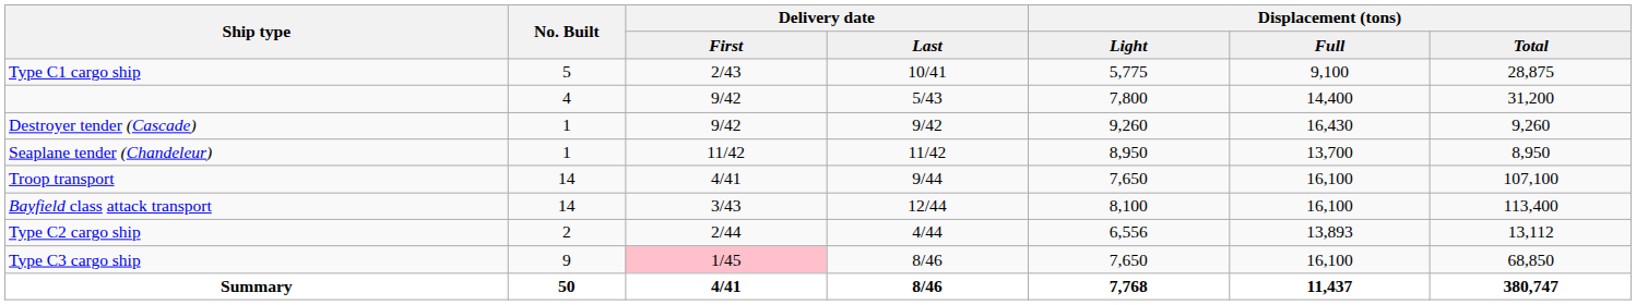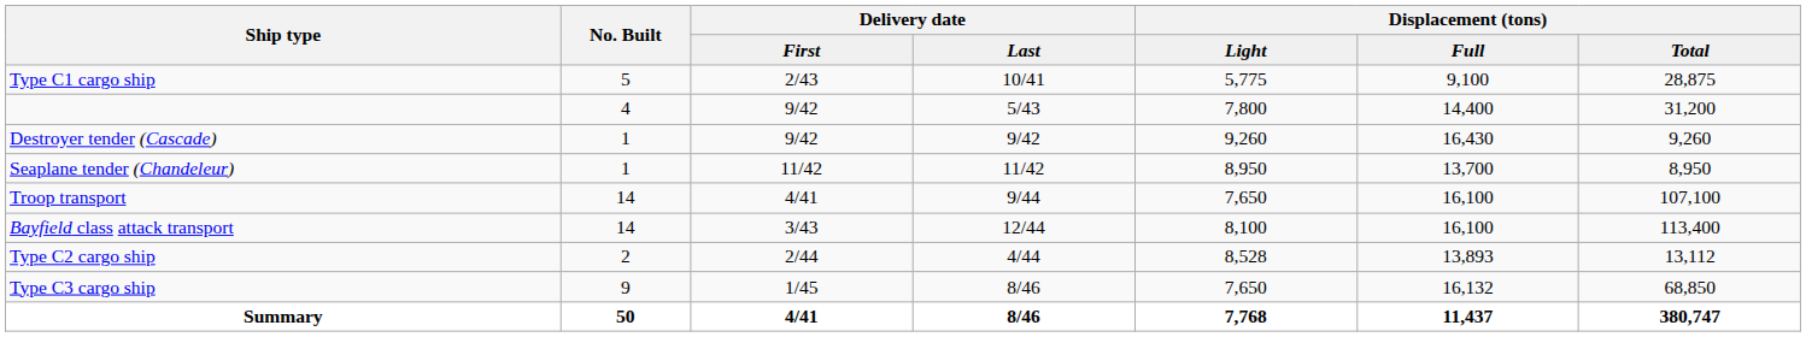 <table class="wikitable" width=97%>
 <tr>
 <th width=30% rowspan="2">Ship type</th>
 <th width=7% rowspan="2">No. Built</th>
 <th width=32% colspan="2">Delivery date</th>
 <th width=32% colspan="3">Displacement (tons)</th>
 </tr>
 <tr bgcolor="f0f0f0">
 <td width=12% align="center"><strong><em>First</em></strong></td>
 <td width=12% align="center"><strong><em>Last</em></strong></td>
 <td width=12% align="center"><strong><em>Light</em></strong></td>
 <td width=12% align="center"><strong><em>Full</em></strong></td>
 <td width=12% align="center"><strong><em>Total</em></strong></td>
 </tr>
 <tr align="center">
 <td align="left"><a href='#'>Type C1 cargo ship</a></td>
 <td>5</td>
 <td>2/43</td>
 <td>10/41</td>
 <td>5,775</td>
 <td>9,100</td>
 <td>28,875</td>
 </tr>
 <tr align="center">
 <td align="left"></td>
 <td>4</td>
 <td>9/42</td>
 <td>5/43</td>
 <td>7,800</td>
 <td>14,400</td>
 <td>31,200</td>
 </tr>
 <tr align="center">
 <td align="left"><a href='#'>Destroyer tender</a> <em>(<a href='#'>Cascade</a>)</em></td>
 <td>1</td>
 <td>9/42</td>
 <td>9/42</td>
 <td>9,260</td>
 <td>16,430</td>
 <td>9,260</td>
 </tr>
 <tr align="center">
 <td align="left"><a href='#'>Seaplane tender</a> <em>(<a href='#'>Chandeleur</a>)</em></td>
 <td>1</td>
 <td>11/42</td>
 <td>11/42</td>
 <td>8,950</td>
 <td>13,700</td>
 <td>8,950</td>
 </tr>
 <tr align="center">
 <td align="left"><a href='#'>Troop transport</a></td>
 <td>14</td>
 <td>4/41</td>
 <td>9/44</td>
 <td>7,650</td>
 <td>16,100</td>
 <td>107,100</td>
 </tr>
 <tr align="center">
 <td align="left"><a href='#'><em>Bayfield</em> class</a> <a href='#'>attack transport</a></td>
 <td>14</td>
 <td>3/43</td>
 <td>12/44</td>
 <td>8,100</td>
 <td>16,100</td>
 <td>113,400</td>
 </tr>
 <tr align="center">
 <td align="left"><a href='#'>Type C2 cargo ship</a></td>
 <td>2</td>
 <td>2/44</td>
 <td>4/44</td>
-<td>6,556</td>
+<td>8,528</td>
 <td>13,893</td>
 <td>13,112</td>
 </tr>
 <tr align="center">
 <td align="left"><a href='#'>Type C3 cargo ship</a></td>
 <td>9</td>
-<td style="background: pink;">1/45</td>
+<td>1/45</td>
 <td>8/46</td>
 <td>7,650</td>
-<td>16,100</td>
+<td>16,132</td>
 <td>68,850</td>
 </tr>
 <tr class="sortbottom" bgcolor="white" align="center" style="font-weight:600;">
 <td>Summary</td>
 <td>50</td>
 <td>4/41</td>
 <td>8/46</td>
 <td>7,768</td>
 <td>11,437</td>
 <td>380,747</td>
 </tr>
 </table>
